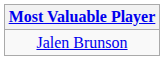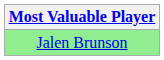 <table class=wikitable style="text-align:center; margin:auto">
 <tr>
 <th><a href='#'>Most Valuable Player</a></th>
 </tr>
 <tr>
-<td> <a href='#'>Jalen Brunson</a></td>
+<td style="background: lightgreen;"> <a href='#'>Jalen Brunson</a></td>
 </tr>
 </table>
